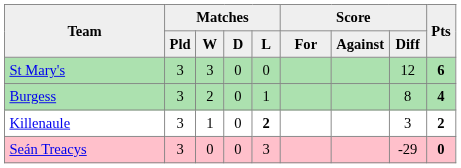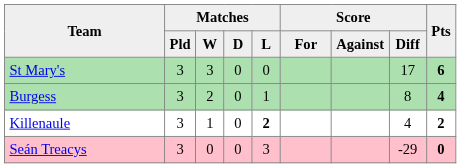 <table style=border-collapse:collapse border=1 cellspacing=0 cellpadding=5>
 <tr align=center bgcolor=#efefef>
 <th rowspan=2 width=165>Team</th>
 <th colspan=4>Matches</th>
 <th colspan=3>Score</th>
 <th rowspan=2width=20>Pts</th>
 </tr>
 <tr align=center bgcolor=#efefef>
 <th width=20>Pld</th>
 <th width=20>W</th>
 <th width=20>D</th>
 <th width=20>L</th>
 <th width=45>For</th>
 <th width=45>Against</th>
 <th width=30>Diff</th>
 </tr>
 <tr align=center style="background:#ACE1AF;">
 <td style="text-align:left;"><a href='#'>St Mary's</a></td>
 <td>3</td>
 <td>3</td>
 <td>0</td>
 <td>0</td>
 <td></td>
 <td></td>
-<td>12</td>
+<td>17</td>
 <td><strong>6</strong></td>
 </tr>
 <tr align=center style="background:#ACE1AF;">
 <td style="text-align:left;"><a href='#'>Burgess</a></td>
 <td>3</td>
 <td>2</td>
 <td>0</td>
 <td>1</td>
 <td></td>
 <td></td>
 <td>8</td>
 <td><strong>4</strong></td>
 </tr>
 <tr align=center>
 <td style="text-align:left;"><a href='#'>Killenaule</a></td>
 <td>3</td>
 <td>1</td>
 <td>0</td>
 <td><strong>2</strong></td>
 <td></td>
 <td></td>
-<td>3</td>
+<td>4</td>
 <td><strong>2</strong></td>
 </tr>
 <tr align=center style="background:#FFC0CB;">
 <td style="text-align:left;"><a href='#'>Seán Treacys</a></td>
 <td>3</td>
 <td>0</td>
 <td>0</td>
 <td>3</td>
 <td></td>
 <td></td>
 <td>-29</td>
 <td><strong>0</strong></td>
 </tr>
 </table>
